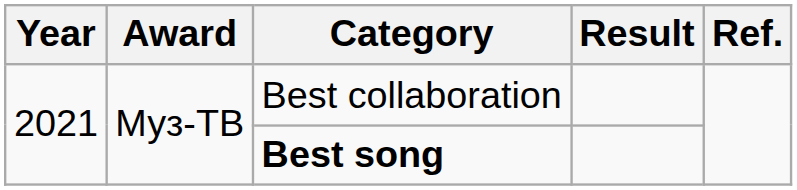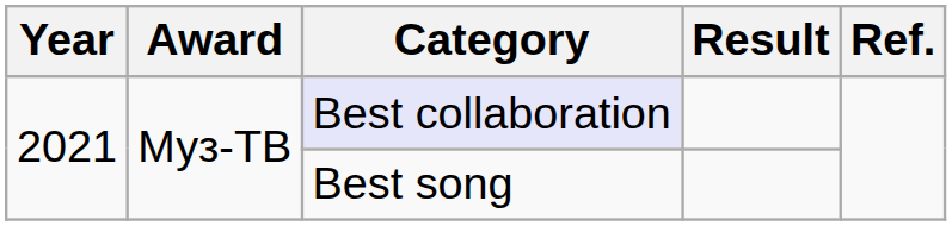 <table class="wikitable">
 <tr>
 <th>Year</th>
 <th>Award</th>
 <th>Category</th>
 <th>Result</th>
 <th>Ref.</th>
 </tr>
 <tr>
 <td rowspan="2">2021</td>
 <td rowspan="2">Муз-ТВ</td>
-<td>Best collaboration</td>
+<td style="background: lavender;">Best collaboration</td>
 <td></td>
 <td rowspan="2"></td>
 </tr>
 <tr>
-<td><strong>Best song</strong></td>
+<td>Best song</td>
 <td></td>
 </tr>
 </table>
